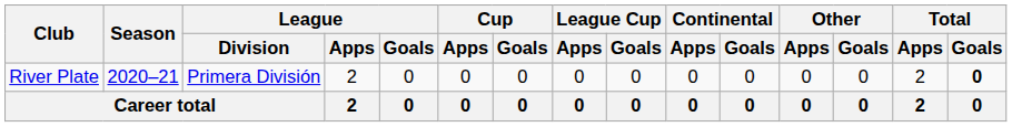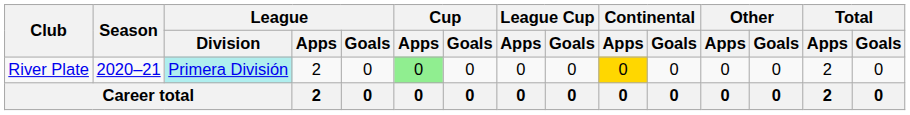 <table class="wikitable" style="text-align:center">
 <tr>
 <th rowspan="2">Club</th>
 <th rowspan="2">Season</th>
 <th colspan="3">League</th>
 <th colspan="2">Cup</th>
 <th colspan="2">League Cup</th>
 <th colspan="2">Continental</th>
 <th colspan="2">Other</th>
 <th colspan="2">Total</th>
 </tr>
 <tr>
 <th>Division</th>
 <th>Apps</th>
 <th>Goals</th>
 <th>Apps</th>
 <th>Goals</th>
 <th>Apps</th>
 <th>Goals</th>
 <th>Apps</th>
 <th>Goals</th>
 <th>Apps</th>
 <th>Goals</th>
 <th>Apps</th>
 <th>Goals</th>
 </tr>
 <tr>
 <td rowspan="1"><a href='#'>River Plate</a></td>
 <td><a href='#'>2020–21</a></td>
-<td rowspan="1"><a href='#'>Primera División</a></td>
+<td rowspan="1" style="background: paleturquoise;"><a href='#'>Primera División</a></td>
 <td>2</td>
+<td>0</td>
+<td style="background: lightgreen;">0</td>
 <td>0</td>
 <td>0</td>
 <td>0</td>
-<td>0</td>
-<td>0</td>
-<td>0</td>
+<td style="background: gold;">0</td>
 <td>0</td>
 <td>0</td>
 <td>0</td>
 <td>2</td>
-<td><strong>0</strong></td>
+<td>0</td>
 </tr>
 <tr>
 <th colspan="3">Career total</th>
 <th>2</th>
 <th>0</th>
 <th>0</th>
 <th>0</th>
 <th>0</th>
 <th>0</th>
 <th>0</th>
 <th>0</th>
 <th>0</th>
 <th>0</th>
 <th>2</th>
 <th>0</th>
 </tr>
 </table>
